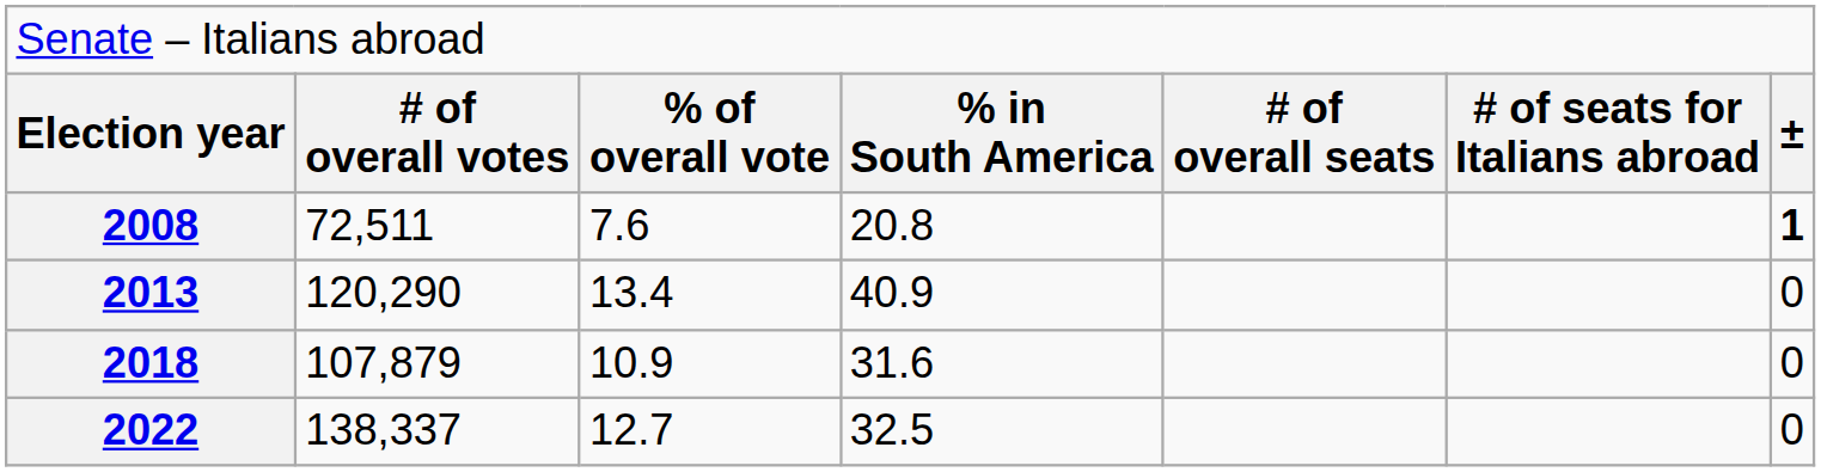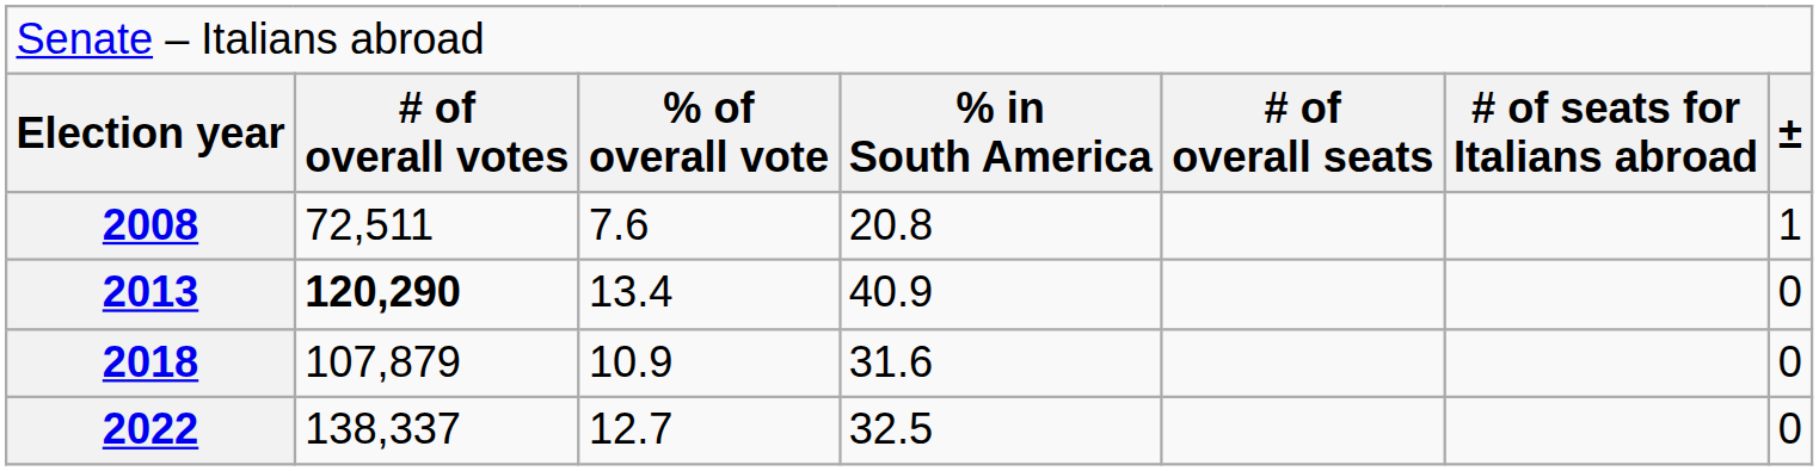 <table class=wikitable>
 <tr>
 <td colspan=7><a href='#'>Senate</a> – Italians abroad</td>
 </tr>
 <tr>
 <th>Election year</th>
 <th># of<br>overall votes</th>
 <th>% of<br>overall vote</th>
 <th>% in<br>South America</th>
 <th># of <br>overall seats</th>
 <th># of seats for<br>Italians abroad</th>
 <th>±</th>
 </tr>
 <tr>
 <th><a href='#'>2008</a></th>
 <td>72,511</td>
 <td>7.6</td>
 <td>20.8</td>
 <td></td>
 <td></td>
-<td><strong> 1</strong></td>
+<td> 1</td>
 </tr>
 <tr>
 <th><a href='#'>2013</a></th>
-<td>120,290</td>
+<td><strong>120,290</strong></td>
 <td>13.4</td>
 <td>40.9</td>
 <td></td>
 <td></td>
 <td> 0</td>
 </tr>
 <tr>
 <th><a href='#'>2018</a></th>
 <td>107,879</td>
 <td>10.9</td>
 <td>31.6</td>
 <td></td>
 <td></td>
 <td> 0</td>
 </tr>
 <tr>
 <th><a href='#'>2022</a></th>
 <td>138,337</td>
 <td>12.7</td>
 <td>32.5</td>
 <td></td>
 <td></td>
 <td> 0</td>
 </tr>
 </table>
